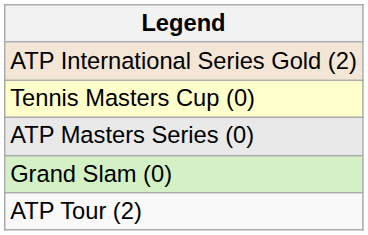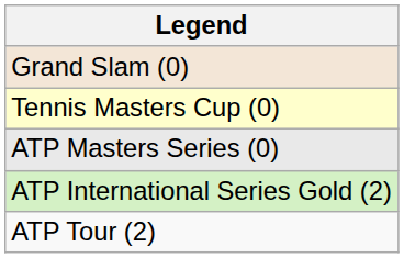 <table class="wikitable sortable mw-collapsible mw-collapsed">
 <tr>
 <th>Legend</th>
 </tr>
 <tr style="background:#f3e6d7;">
-<td>ATP International Series Gold (2)</td>
+<td>Grand Slam (0)</td>
 </tr>
 <tr style="background:#ffffcc;">
 <td>Tennis Masters Cup (0)</td>
 </tr>
 <tr style="background:#e9e9e9;">
 <td>ATP Masters Series (0)</td>
 </tr>
 <tr style="background:#d4f1c5;">
-<td>Grand Slam (0)</td>
+<td>ATP International Series Gold (2)</td>
 </tr>
 <tr>
 <td>ATP Tour (2)</td>
 </tr>
 </table>
